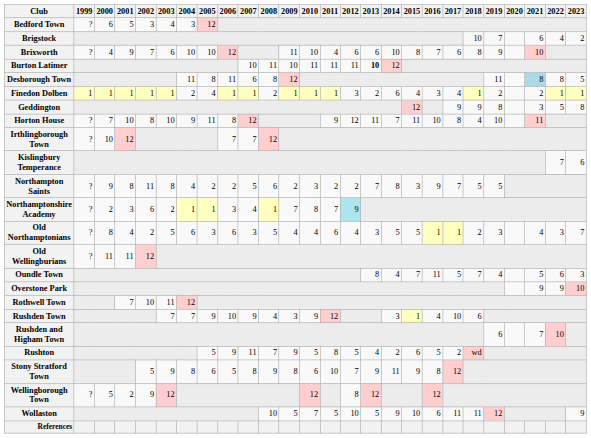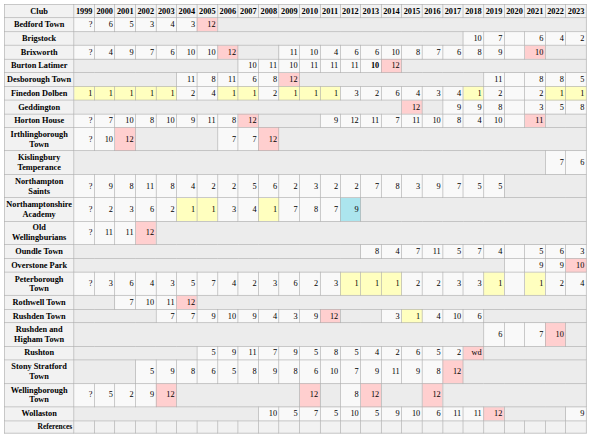 <table class="wikitable plainrowheaders" style="font-size:85%; text-align: right;">
 <tr>
 <th scope="col">Club</th>
 <th scope="col">1999</th>
 <th scope="col">2000</th>
 <th scope="col">2001</th>
 <th scope="col">2002</th>
 <th scope="col">2003</th>
 <th scope="col">2004</th>
 <th scope="col">2005</th>
 <th scope="col">2006</th>
 <th scope="col">2007</th>
 <th scope="col">2008</th>
 <th scope="col">2009</th>
 <th scope="col">2010</th>
 <th scope="col">2011</th>
 <th scope="col">2012</th>
 <th scope="col">2013</th>
 <th scope="col">2014</th>
 <th scope="col">2015</th>
 <th scope="col">2016</th>
 <th scope="col">2017</th>
 <th scope="col">2018</th>
 <th scope="col">2019</th>
 <th scope="col">2020</th>
 <th scope="col">2021</th>
 <th scope="col">2022</th>
 <th scope="col">2023</th>
 </tr>
 <tr>
 <th scope="row">Bedford Town</th>
 <td>?</td>
 <td>6</td>
 <td>5</td>
 <td>3</td>
 <td>4</td>
 <td>3</td>
 <td bgcolor="#ffcfcf">12</td>
 <td bgcolor="#ececec" colspan="18"></td>
 </tr>
 <tr>
 <th scope="row">Brigstock</th>
 <td bgcolor="#ececec" colspan="19"></td>
 <td>10</td>
 <td>7</td>
 <td></td>
 <td>6</td>
 <td>4</td>
 <td>2</td>
 </tr>
 <tr>
 <th scope="row">Brixworth</th>
 <td>?</td>
 <td>4</td>
 <td>9</td>
 <td>7</td>
 <td>6</td>
 <td>10</td>
 <td>10</td>
 <td bgcolor="#ffcfcf">12</td>
 <td bgcolor="#ececec" colspan="2"></td>
 <td>11</td>
 <td>10</td>
 <td>4</td>
 <td>6</td>
 <td>6</td>
 <td>10</td>
 <td>8</td>
 <td>7</td>
 <td>6</td>
 <td>8</td>
 <td>9</td>
 <td></td>
 <td bgcolor="#ffcfcf">10</td>
 <td bgcolor="#ececec" colspan="2"></td>
 </tr>
 <tr>
 <th scope="row">Burton Latimer</th>
 <td bgcolor="#ececec" colspan="8"></td>
 <td>10</td>
 <td>11</td>
 <td>10</td>
 <td>11</td>
 <td>11</td>
 <td>11</td>
 <td><strong>10</strong></td>
 <td bgcolor="#ffcfcf">12</td>
 <td bgcolor="#ececec" colspan="9"></td>
 </tr>
 <tr>
 <th scope="row">Desborough Town</th>
 <td bgcolor="#ececec" colspan="5"></td>
 <td>11</td>
 <td>8</td>
 <td>11</td>
 <td>6</td>
 <td>8</td>
 <td bgcolor="#ffcfcf">12</td>
 <td bgcolor="#ececec" colspan="9"></td>
 <td>11</td>
 <td></td>
-<td style="background: lightblue;">8</td>
+<td>8</td>
 <td>8</td>
 <td>5</td>
 </tr>
 <tr>
 <th scope="row">Finedon Dolben</th>
 <td bgcolor="#ffffbf">1</td>
 <td bgcolor="#ffffbf">1</td>
 <td bgcolor="#ffffbf">1</td>
 <td bgcolor="#ffffbf">1</td>
 <td bgcolor="#ffffbf">1</td>
 <td>2</td>
 <td>4</td>
 <td bgcolor="#ffffbf">1</td>
 <td bgcolor="#ffffbf">1</td>
 <td>2</td>
 <td bgcolor="#ffffbf">1</td>
 <td bgcolor="#ffffbf">1</td>
 <td bgcolor="#ffffbf">1</td>
 <td>3</td>
 <td>2</td>
 <td>6</td>
 <td>4</td>
 <td>3</td>
 <td>4</td>
 <td bgcolor="#ffffbf">1</td>
 <td>2</td>
 <td></td>
 <td>2</td>
 <td bgcolor="#ffffbf">1</td>
 <td bgcolor="#ffffbf">1</td>
 </tr>
 <tr>
 <th scope="row">Geddington</th>
 <td bgcolor="#ececec" colspan="16"></td>
 <td bgcolor="#ffcfcf">12</td>
 <td bgcolor="#ececec"></td>
 <td>9</td>
 <td>9</td>
 <td>8</td>
 <td></td>
 <td>3</td>
 <td>5</td>
 <td>8</td>
 </tr>
 <tr>
 <th scope="row">Horton House</th>
 <td>?</td>
 <td>7</td>
 <td>10</td>
 <td>8</td>
 <td>10</td>
 <td>9</td>
 <td>11</td>
 <td>8</td>
 <td bgcolor="#ffcfcf">12</td>
 <td bgcolor="#ececec" colspan="3"></td>
 <td>9</td>
 <td>12</td>
 <td>11</td>
 <td>7</td>
 <td>11</td>
 <td>10</td>
 <td>8</td>
 <td>4</td>
 <td>10</td>
 <td></td>
 <td bgcolor="#ffcfcf">11</td>
 <td bgcolor="#ececec" colspan="2"></td>
 </tr>
 <tr>
 <th scope="row">Irthlingborough Town</th>
 <td>?</td>
 <td>10</td>
 <td bgcolor="#ffcfcf">12</td>
 <td bgcolor="#ececec" colspan="4"></td>
 <td>7</td>
 <td>7</td>
 <td bgcolor="#ffcfcf">12</td>
 <td bgcolor="#ececec" colspan="15"></td>
 </tr>
 <tr>
 <th scope="row">Kislingbury Temperance</th>
 <td bgcolor="#ececec" colspan="23"></td>
 <td>7</td>
 <td>6</td>
 </tr>
 <tr>
 <th scope="row">Northampton Saints</th>
 <td>?</td>
 <td>9</td>
 <td>8</td>
 <td>11</td>
 <td>8</td>
 <td>4</td>
 <td>2</td>
 <td>2</td>
 <td>5</td>
 <td>6</td>
 <td>2</td>
 <td>3</td>
 <td>2</td>
 <td>2</td>
 <td>7</td>
 <td>8</td>
 <td>3</td>
 <td>9</td>
 <td>7</td>
 <td>5</td>
 <td>5</td>
 <td bgcolor="#ececec" colspan="4"></td>
 </tr>
 <tr>
 <th scope="row">Northamptonshire Academy</th>
 <td>?</td>
 <td>2</td>
 <td>3</td>
 <td>6</td>
 <td>2</td>
 <td bgcolor="#ffffbf">1</td>
 <td bgcolor="#ffffbf">1</td>
 <td>3</td>
 <td>4</td>
 <td bgcolor="#ffffbf">1</td>
 <td>7</td>
 <td>8</td>
 <td>7</td>
 <td bgcolor="#ace5ee">9</td>
 <td bgcolor="#ececec" colspan="11"></td>
 </tr>
 <tr>
-<th scope="row">Old Northamptonians</th>
-<td>?</td>
-<td>8</td>
-<td>4</td>
-<td>2</td>
-<td>5</td>
-<td>6</td>
-<td>3</td>
-<td>6</td>
-<td>3</td>
-<td>5</td>
-<td>4</td>
-<td>4</td>
-<td>6</td>
-<td>4</td>
-<td>3</td>
-<td>5</td>
-<td>5</td>
-<td bgcolor="#ffffbf">1</td>
-<td bgcolor="#ffffbf">1</td>
-<td>2</td>
-<td>3</td>
-<td></td>
-<td>4</td>
-<td>3</td>
-<td>7</td>
-</tr>
-<tr>
 <th scope="row">Old Wellingburians</th>
 <td>?</td>
 <td>11</td>
 <td>11</td>
 <td bgcolor="#ffcfcf">12</td>
 <td bgcolor="#ececec" colspan="21"></td>
 </tr>
 <tr>
 <th scope="row">Oundle Town</th>
 <td bgcolor="#ececec" colspan="14"></td>
 <td>8</td>
 <td>4</td>
 <td>7</td>
 <td>11</td>
 <td>5</td>
 <td>7</td>
 <td>4</td>
 <td></td>
 <td>5</td>
 <td>6</td>
 <td>3</td>
 </tr>
 <tr>
 <th scope="row">Overstone Park</th>
 <td bgcolor="#ececec" colspan="21"></td>
 <td></td>
 <td>9</td>
 <td>9</td>
 <td bgcolor="#ffcfcf">10</td>
+</tr>
+<tr>
+<th scope="row">Peterborough Town</th>
+<td>?</td>
+<td>3</td>
+<td>6</td>
+<td>4</td>
+<td>3</td>
+<td>5</td>
+<td>7</td>
+<td>4</td>
+<td>2</td>
+<td>3</td>
+<td>6</td>
+<td>2</td>
+<td>3</td>
+<td bgcolor="#ffffbf">1</td>
+<td bgcolor="#ffffbf">1</td>
+<td bgcolor="#ffffbf">1</td>
+<td>2</td>
+<td>2</td>
+<td>3</td>
+<td>3</td>
+<td bgcolor="#ffffbf">1</td>
+<td></td>
+<td bgcolor="#ffffbf">1</td>
+<td>2</td>
+<td>4</td>
 </tr>
 <tr>
 <th scope="row">Rothwell Town</th>
 <td bgcolor="#ececec" colspan="2"></td>
 <td>7</td>
 <td>10</td>
 <td>11</td>
 <td bgcolor="#ffcfcf">12</td>
 <td bgcolor="#ececec" colspan="19"></td>
 </tr>
 <tr>
 <th scope="row">Rushden Town</th>
 <td bgcolor="#ececec" colspan="4"></td>
 <td>7</td>
 <td>7</td>
 <td>9</td>
 <td>10</td>
 <td>9</td>
 <td>4</td>
 <td>3</td>
 <td>9</td>
 <td bgcolor="#ffcfcf">12</td>
 <td bgcolor="#ececec" colspan="2"></td>
 <td>3</td>
 <td bgcolor="#ffffbf">1</td>
 <td>4</td>
 <td>10</td>
 <td>6</td>
 <td bgcolor="#ececec" colspan="5"></td>
 </tr>
 <tr>
 <th scope="row">Rushden and Higham Town</th>
 <td bgcolor="#ececec" colspan="20"></td>
 <td>6</td>
 <td></td>
 <td>7</td>
 <td bgcolor="#ffcfcf">10</td>
 <td bgcolor="#ececec" colspan="1"></td>
 </tr>
 <tr>
 <th scope="row">Rushton</th>
 <td bgcolor="#ececec" colspan="6"></td>
 <td>5</td>
 <td>9</td>
 <td>11</td>
 <td>7</td>
 <td>9</td>
 <td>5</td>
 <td>8</td>
 <td>5</td>
 <td>4</td>
 <td>2</td>
 <td>6</td>
 <td>5</td>
 <td>2</td>
 <td bgcolor="#ffcfcf">wd</td>
 <td bgcolor="#ececec" colspan="5"></td>
 </tr>
 <tr>
 <th scope="row">Stony Stratford Town</th>
 <td bgcolor="#ececec" colspan="3"></td>
 <td>5</td>
 <td>9</td>
 <td>8</td>
 <td>6</td>
 <td>5</td>
 <td>8</td>
 <td>9</td>
 <td>8</td>
 <td>6</td>
 <td>10</td>
 <td>7</td>
 <td>9</td>
 <td>11</td>
 <td>9</td>
 <td>8</td>
 <td bgcolor="#ffcfcf">12</td>
 <td bgcolor="#ececec" colspan="6"></td>
 </tr>
 <tr>
 <th scope="row">Wellingborough Town</th>
 <td>?</td>
 <td>5</td>
 <td>2</td>
 <td>9</td>
 <td bgcolor="#ffcfcf">12</td>
 <td bgcolor="#ececec" colspan="6"></td>
 <td bgcolor="#ffcfcf">12</td>
 <td bgcolor="#ececec"></td>
 <td>8</td>
 <td bgcolor="#ffcfcf">12</td>
 <td bgcolor="#ececec" colspan="2"></td>
 <td bgcolor="#ffcfcf">12</td>
 <td bgcolor="#ececec" colspan="7"></td>
 </tr>
 <tr>
 <th scope="row">Wollaston</th>
 <td bgcolor="#ececec" colspan="9"></td>
 <td>10</td>
 <td>5</td>
 <td>7</td>
 <td>5</td>
 <td>10</td>
 <td>5</td>
 <td>9</td>
 <td>10</td>
 <td>6</td>
 <td>11</td>
 <td>11</td>
 <td bgcolor="#ffcfcf">12</td>
 <td bgcolor="#ececec" colspan="3"></td>
 <td>9</td>
 </tr>
 <tr style="font-size:90%; text-align:center">
 <th scope="row" style="text-align: right">References</th>
 <th scope="col"></th>
 <th scope="col"></th>
 <th scope="col"></th>
 <th scope="col"></th>
 <th scope="col"></th>
 <th scope="col"></th>
 <th scope="col"></th>
 <th scope="col"></th>
 <th scope="col"></th>
 <th scope="col"></th>
 <th scope="col"></th>
 <th scope="col"></th>
 <th scope="col"></th>
 <th scope="col"></th>
 <th scope="col"></th>
 <th scope="col"></th>
 <th scope="col"></th>
 <th scope="col"></th>
 <th scope="col"></th>
 <th scope="col"></th>
 <th scope="col"></th>
 <th scope="col"></th>
 <th scope="col"></th>
 <th scope="col"></th>
 <th scope="col"></th>
 </tr>
 </table>
